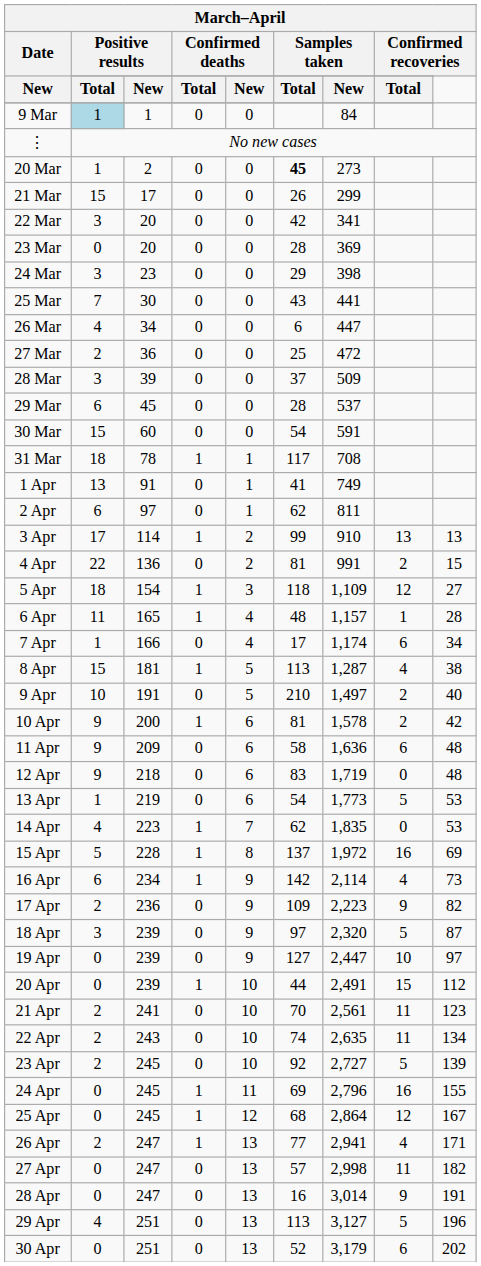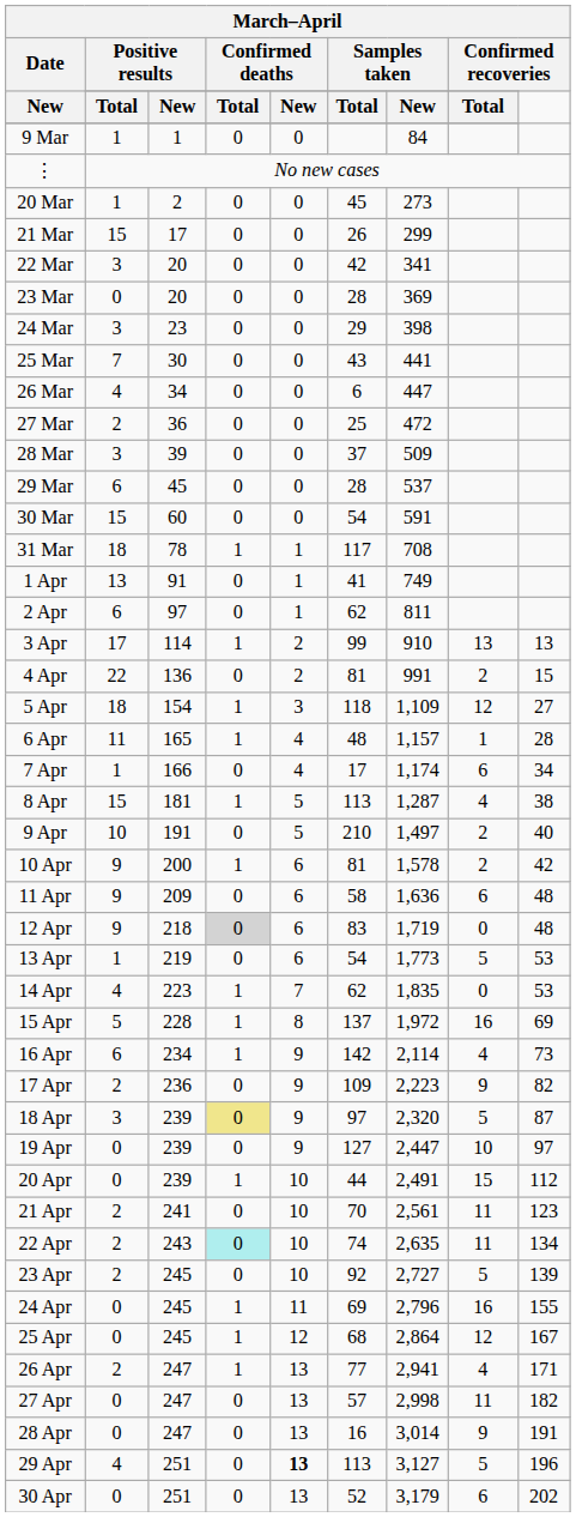 <table class="wikitable collapsible collapsed" style="text-align:center; font-size:86%">
 <tr>
 <th colspan="10">March–April</th>
 </tr>
 <tr>
 <th rowspan="2" width=50px>Date</th>
 <th colspan="2" width=80px>Positive results</th>
 <th colspan="2" width=80px>Confirmed deaths</th>
 <th colspan="2" width=80px>Samples taken</th>
 <th colspan="2" width=80px>Confirmed recoveries</th>
 </tr>
 <tr>
 </tr>
 <tr>
 <th>New</th>
 <th>Total</th>
 <th>New</th>
 <th>Total</th>
 <th>New</th>
 <th>Total</th>
 <th>New</th>
 <th>Total</th>
 </tr>
 <tr>
 </tr>
 <tr>
 <td>9 Mar</td>
-<td style="background: lightblue;">1</td>
+<td>1</td>
 <td>1</td>
 <td>0</td>
 <td>0</td>
 <td></td>
 <td>84</td>
 <td></td>
 <td></td>
 </tr>
 <tr>
 <td>⋮</td>
 <td colspan="8"><em>No new cases</em></td>
 </tr>
 <tr>
 <td>20 Mar</td>
 <td>1</td>
 <td>2</td>
 <td>0</td>
 <td>0</td>
-<td><strong>45</strong></td>
+<td>45</td>
 <td>273</td>
 <td></td>
 <td></td>
 </tr>
 <tr>
 <td>21 Mar</td>
 <td>15</td>
 <td>17</td>
 <td>0</td>
 <td>0</td>
 <td>26</td>
 <td>299</td>
 <td></td>
 <td></td>
 </tr>
 <tr>
 <td>22 Mar</td>
 <td>3</td>
 <td>20</td>
 <td>0</td>
 <td>0</td>
 <td>42</td>
 <td>341</td>
 <td></td>
 <td></td>
 </tr>
 <tr>
 <td>23 Mar</td>
 <td>0</td>
 <td>20</td>
 <td>0</td>
 <td>0</td>
 <td>28</td>
 <td>369</td>
 <td></td>
 <td></td>
 </tr>
 <tr>
 <td>24 Mar</td>
 <td>3</td>
 <td>23</td>
 <td>0</td>
 <td>0</td>
 <td>29</td>
 <td>398</td>
 <td></td>
 <td></td>
 </tr>
 <tr>
 <td>25 Mar</td>
 <td>7</td>
 <td>30</td>
 <td>0</td>
 <td>0</td>
 <td>43</td>
 <td>441</td>
 <td></td>
 <td></td>
 </tr>
 <tr>
 <td>26 Mar</td>
 <td>4</td>
 <td>34</td>
 <td>0</td>
 <td>0</td>
 <td>6</td>
 <td>447</td>
 <td></td>
 <td></td>
 </tr>
 <tr>
 <td>27 Mar</td>
 <td>2</td>
 <td>36</td>
 <td>0</td>
 <td>0</td>
 <td>25</td>
 <td>472</td>
 <td></td>
 <td></td>
 </tr>
 <tr>
 <td>28 Mar</td>
 <td>3</td>
 <td>39</td>
 <td>0</td>
 <td>0</td>
 <td>37</td>
 <td>509</td>
 <td></td>
 <td></td>
 </tr>
 <tr>
 <td>29 Mar</td>
 <td>6</td>
 <td>45</td>
 <td>0</td>
 <td>0</td>
 <td>28</td>
 <td>537</td>
 <td></td>
 <td></td>
 </tr>
 <tr>
 <td>30 Mar</td>
 <td>15</td>
 <td>60</td>
 <td>0</td>
 <td>0</td>
 <td>54</td>
 <td>591</td>
 <td></td>
 <td></td>
 </tr>
 <tr>
 <td>31 Mar</td>
 <td>18</td>
 <td>78</td>
 <td>1</td>
 <td>1</td>
 <td>117</td>
 <td>708</td>
 <td></td>
 <td></td>
 </tr>
 <tr>
 <td>1 Apr</td>
 <td>13</td>
 <td>91</td>
 <td>0</td>
 <td>1</td>
 <td>41</td>
 <td>749</td>
 <td></td>
 <td></td>
 </tr>
 <tr>
 <td>2 Apr</td>
 <td>6</td>
 <td>97</td>
 <td>0</td>
 <td>1</td>
 <td>62</td>
 <td>811</td>
 <td></td>
 <td></td>
 </tr>
 <tr>
 <td>3 Apr</td>
 <td>17</td>
 <td>114</td>
 <td>1</td>
 <td>2</td>
 <td>99</td>
 <td>910</td>
 <td>13</td>
 <td>13</td>
 </tr>
 <tr>
 <td>4 Apr</td>
 <td>22</td>
 <td>136</td>
 <td>0</td>
 <td>2</td>
 <td>81</td>
 <td>991</td>
 <td>2</td>
 <td>15</td>
 </tr>
 <tr>
 <td>5 Apr</td>
 <td>18</td>
 <td>154</td>
 <td>1</td>
 <td>3</td>
 <td>118</td>
 <td>1,109</td>
 <td>12</td>
 <td>27</td>
 </tr>
 <tr>
 <td>6 Apr</td>
 <td>11</td>
 <td>165</td>
 <td>1</td>
 <td>4</td>
 <td>48</td>
 <td>1,157</td>
 <td>1</td>
 <td>28</td>
 </tr>
 <tr>
 <td>7 Apr</td>
 <td>1</td>
 <td>166</td>
 <td>0</td>
 <td>4</td>
 <td>17</td>
 <td>1,174</td>
 <td>6</td>
 <td>34</td>
 </tr>
 <tr>
 <td>8 Apr</td>
 <td>15</td>
 <td>181</td>
 <td>1</td>
 <td>5</td>
 <td>113</td>
 <td>1,287</td>
 <td>4</td>
 <td>38</td>
 </tr>
 <tr>
 <td>9 Apr</td>
 <td>10</td>
 <td>191</td>
 <td>0</td>
 <td>5</td>
 <td>210</td>
 <td>1,497</td>
 <td>2</td>
 <td>40</td>
 </tr>
 <tr>
 <td>10 Apr</td>
 <td>9</td>
 <td>200</td>
 <td>1</td>
 <td>6</td>
 <td>81</td>
 <td>1,578</td>
 <td>2</td>
 <td>42</td>
 </tr>
 <tr>
 <td>11 Apr</td>
 <td>9</td>
 <td>209</td>
 <td>0</td>
 <td>6</td>
 <td>58</td>
 <td>1,636</td>
 <td>6</td>
 <td>48</td>
 </tr>
 <tr>
 <td>12 Apr</td>
 <td>9</td>
 <td>218</td>
-<td>0</td>
+<td style="background: lightgrey;">0</td>
 <td>6</td>
 <td>83</td>
 <td>1,719</td>
 <td>0</td>
 <td>48</td>
 </tr>
 <tr>
 <td>13 Apr</td>
 <td>1</td>
 <td>219</td>
 <td>0</td>
 <td>6</td>
 <td>54</td>
 <td>1,773</td>
 <td>5</td>
 <td>53</td>
 </tr>
 <tr>
 <td>14 Apr</td>
 <td>4</td>
 <td>223</td>
 <td>1</td>
 <td>7</td>
 <td>62</td>
 <td>1,835</td>
 <td>0</td>
 <td>53</td>
 </tr>
 <tr>
 <td>15 Apr</td>
 <td>5</td>
 <td>228</td>
 <td>1</td>
 <td>8</td>
 <td>137</td>
 <td>1,972</td>
 <td>16</td>
 <td>69</td>
 </tr>
 <tr>
 <td>16 Apr</td>
 <td>6</td>
 <td>234</td>
 <td>1</td>
 <td>9</td>
 <td>142</td>
 <td>2,114</td>
 <td>4</td>
 <td>73</td>
 </tr>
 <tr>
 <td>17 Apr</td>
 <td>2</td>
 <td>236</td>
 <td>0</td>
 <td>9</td>
 <td>109</td>
 <td>2,223</td>
 <td>9</td>
 <td>82</td>
 </tr>
 <tr>
 <td>18 Apr</td>
 <td>3</td>
 <td>239</td>
-<td>0</td>
+<td style="background: khaki;">0</td>
 <td>9</td>
 <td>97</td>
 <td>2,320</td>
 <td>5</td>
 <td>87</td>
 </tr>
 <tr>
 <td>19 Apr</td>
 <td>0</td>
 <td>239</td>
 <td>0</td>
 <td>9</td>
 <td>127</td>
 <td>2,447</td>
 <td>10</td>
 <td>97</td>
 </tr>
 <tr>
 <td>20 Apr</td>
 <td>0</td>
 <td>239</td>
 <td>1</td>
 <td>10</td>
 <td>44</td>
 <td>2,491</td>
 <td>15</td>
 <td>112</td>
 </tr>
 <tr>
 <td>21 Apr</td>
 <td>2</td>
 <td>241</td>
 <td>0</td>
 <td>10</td>
 <td>70</td>
 <td>2,561</td>
 <td>11</td>
 <td>123</td>
 </tr>
 <tr>
 <td>22 Apr</td>
 <td>2</td>
 <td>243</td>
-<td>0</td>
+<td style="background: paleturquoise;">0</td>
 <td>10</td>
 <td>74</td>
 <td>2,635</td>
 <td>11</td>
 <td>134</td>
 </tr>
 <tr>
 <td>23 Apr</td>
 <td>2</td>
 <td>245</td>
 <td>0</td>
 <td>10</td>
 <td>92</td>
 <td>2,727</td>
 <td>5</td>
 <td>139</td>
 </tr>
 <tr>
 <td>24 Apr</td>
 <td>0</td>
 <td>245</td>
 <td>1</td>
 <td>11</td>
 <td>69</td>
 <td>2,796</td>
 <td>16</td>
 <td>155</td>
 </tr>
 <tr>
 <td>25 Apr</td>
 <td>0</td>
 <td>245</td>
 <td>1</td>
 <td>12</td>
 <td>68</td>
 <td>2,864</td>
 <td>12</td>
 <td>167</td>
 </tr>
 <tr>
 <td>26 Apr</td>
 <td>2</td>
 <td>247</td>
 <td>1</td>
 <td>13</td>
 <td>77</td>
 <td>2,941</td>
 <td>4</td>
 <td>171</td>
 </tr>
 <tr>
 <td>27 Apr</td>
 <td>0</td>
 <td>247</td>
 <td>0</td>
 <td>13</td>
 <td>57</td>
 <td>2,998</td>
 <td>11</td>
 <td>182</td>
 </tr>
 <tr>
 <td>28 Apr</td>
 <td>0</td>
 <td>247</td>
 <td>0</td>
 <td>13</td>
 <td>16</td>
 <td>3,014</td>
 <td>9</td>
 <td>191</td>
 </tr>
 <tr>
 <td>29 Apr</td>
 <td>4</td>
 <td>251</td>
 <td>0</td>
-<td>13</td>
+<td><strong>13</strong></td>
 <td>113</td>
 <td>3,127</td>
 <td>5</td>
 <td>196</td>
 </tr>
 <tr>
 <td>30 Apr</td>
 <td>0</td>
 <td>251</td>
 <td>0</td>
 <td>13</td>
 <td>52</td>
 <td>3,179</td>
 <td>6</td>
 <td>202</td>
 </tr>
 <tr>
 </tr>
 </table>
